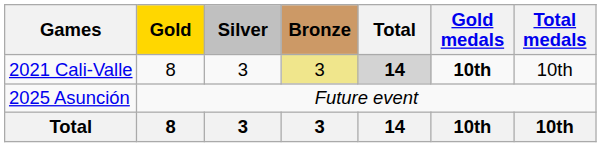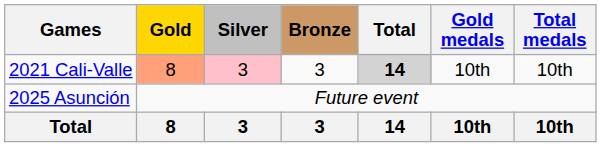 <table class="wikitable" style="text-align:center; font-size:90%;">
 <tr>
 <th>Games</th>
 <td style="background:gold; width:3.2em; font-weight:bold;">Gold</td>
 <td style="background:silver; width:3.7em; font-weight:bold;">Silver</td>
 <td style="background:#c96; width:3.7em; font-weight:bold;">Bronze</td>
 <th style="width:3.5em; font-weight:bold;">Total</th>
 <th style="width:4em; font-weight:bold;"><a href='#'>Gold medals</a></th>
 <th style="width:4em; font-weight:bold;"><a href='#'>Total medals</a></th>
 </tr>
 <tr>
 <td align=left> <a href='#'>2021 Cali-Valle</a></td>
-<td>8</td>
+<td style="background: lightsalmon;">8</td>
+<td style="background: pink;">3</td>
 <td>3</td>
-<td style="background: khaki;">3</td>
 <td style="background: lightgrey;"><strong>14</strong></td>
-<td><strong>10th</strong></td>
+<td>10th</td>
 <td>10th</td>
 </tr>
 <tr>
 <td align=left> <a href='#'>2025 Asunción</a></td>
 <td colspan="6"><em>Future event</em></td>
 </tr>
 <tr>
 <th>Total</th>
 <th>8</th>
 <th>3</th>
 <th>3</th>
 <th>14</th>
 <th>10th</th>
 <th>10th</th>
 </tr>
 </table>
